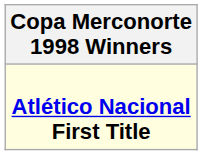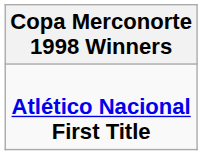 <table class="wikitable" style="text-align: center; margin: 0 auto;">
 <tr>
 <th>Copa Merconorte <br>1998 Winners</th>
 </tr>
 <tr>
-<td style="background: lightyellow;"><br><strong><a href='#'>Atlético Nacional</a></strong><br><strong>First Title</strong></td>
+<td><br><strong><a href='#'>Atlético Nacional</a></strong><br><strong>First Title</strong></td>
 </tr>
 </table>
